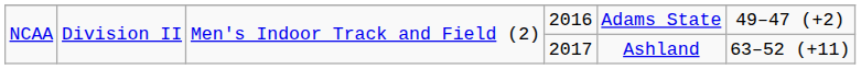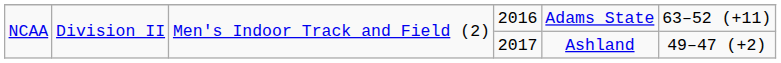 <table class="wikitable" style="text-align:center">
 <tr>
 </tr>
 <tr align="center">
 <td rowspan="2"><a href='#'>NCAA</a></td>
 <td rowspan="2"><a href='#'>Division II</a></td>
 <td rowspan="2"><a href='#'>Men's Indoor Track and Field</a> (2)</td>
 <td>2016</td>
 <td><a href='#'>Adams State</a></td>
-<td>49–47 (+2)</td>
+<td>63–52 (+11)</td>
 </tr>
 <tr align="center">
 <td>2017</td>
 <td><a href='#'>Ashland</a></td>
-<td>63–52 (+11)</td>
+<td>49–47 (+2)</td>
 </tr>
 </table>
